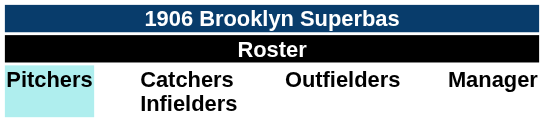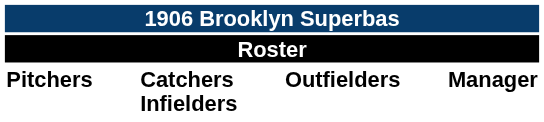 <table class="toccolours" style="font-size: 95%;">
 <tr>
 <th colspan="10" style="background-color: #083c6b; color: white; text-align: center;">1906 Brooklyn Superbas</th>
 </tr>
 <tr>
 <td colspan="10" style="background-color: black; color: white; text-align: center;"><strong>Roster</strong></td>
 </tr>
 <tr>
-<td valign="top" style="background: paleturquoise;"><strong>Pitchers</strong><br>        </td>
+<td valign="top"><strong>Pitchers</strong><br>        </td>
 <td width="25px"></td>
 <td valign="top"><strong>Catchers</strong><br>   <strong>Infielders</strong>      </td>
 <td width="25px"></td>
 <td valign="top"><strong>Outfielders</strong><br>     </td>
 <td width="25px"></td>
 <td valign="top"><strong>Manager</strong><br></td>
 </tr>
 </table>
